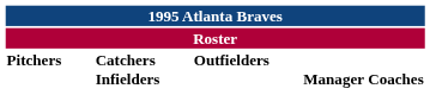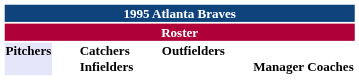 <table class="toccolours" style="font-size: 95%;">
 <tr>
 <th colspan="10" style="background-color: #0f437c; color: #FFFFFF; text-align: center;">1995 Atlanta Braves</th>
 </tr>
 <tr>
 <td colspan="10" style="background-color:#af0039; color: white; text-align: center;"><strong>Roster</strong></td>
 </tr>
 <tr>
-<td valign="top"><strong>Pitchers</strong><br>                   </td>
+<td valign="top" style="background: lavender;"><strong>Pitchers</strong><br>                   </td>
 <td width="25px"></td>
 <td valign="top"><strong>Catchers</strong><br>   <strong>Infielders</strong>         </td>
 <td width="25px"></td>
 <td valign="top"><strong>Outfielders</strong><br>       </td>
 <td width="25px"></td>
 <td valign="top"><br><strong>Manager</strong>  <strong>Coaches</strong>      </td>
 </tr>
 </table>
